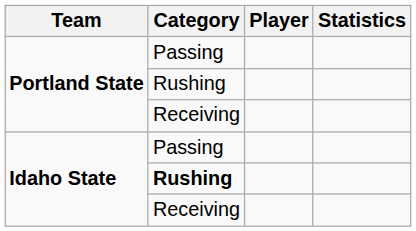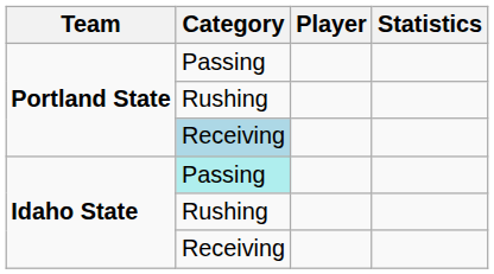 <table class="wikitable" style="float: right;">
 <tr>
 <th>Team</th>
 <th>Category</th>
 <th>Player</th>
 <th>Statistics</th>
 </tr>
 <tr>
 <td rowspan=3><strong>Portland State</strong></td>
 <td>Passing</td>
 <td></td>
 <td></td>
 </tr>
 <tr>
 <td>Rushing</td>
 <td></td>
 <td></td>
 </tr>
 <tr>
-<td>Receiving</td>
+<td style="background: lightblue;">Receiving</td>
 <td></td>
 <td></td>
 </tr>
 <tr>
 <td rowspan=3><strong>Idaho State</strong></td>
-<td>Passing</td>
+<td style="background: paleturquoise;">Passing</td>
 <td></td>
 <td></td>
 </tr>
 <tr>
-<td><strong>Rushing</strong></td>
+<td>Rushing</td>
 <td></td>
 <td></td>
 </tr>
 <tr>
 <td>Receiving</td>
 <td></td>
 <td></td>
 </tr>
 </table>
